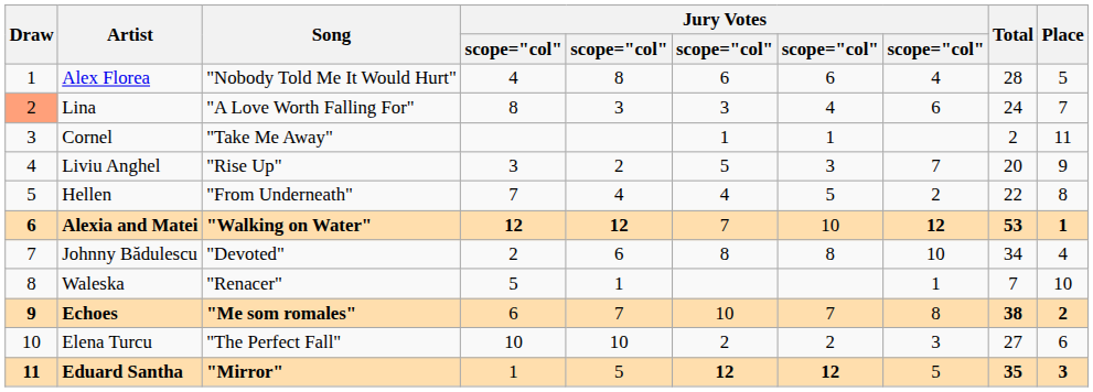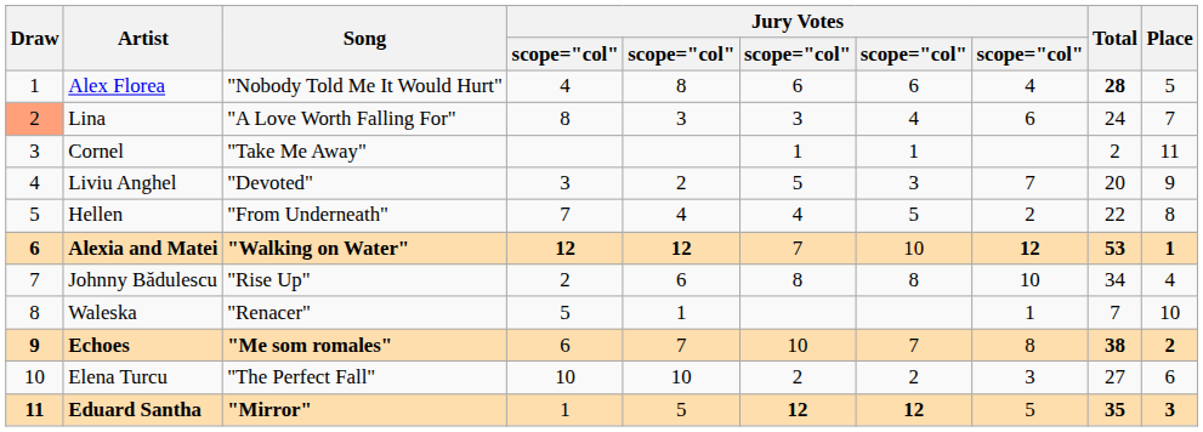 <table class="sortable wikitable" style="margin: 1em auto 1em auto; text-align:center;">
 <tr>
 <th rowspan="2">Draw</th>
 <th rowspan="2">Artist</th>
 <th rowspan="2">Song</th>
 <th colspan="5">Jury Votes</th>
 <th rowspan="2">Total</th>
 <th rowspan="2">Place</th>
 </tr>
 <tr>
 <th>scope="col" </th>
 <th>scope="col" </th>
 <th>scope="col" </th>
 <th>scope="col" </th>
 <th>scope="col" </th>
 </tr>
 <tr>
 <td>1</td>
 <td align="left"><a href='#'>Alex Florea</a></td>
 <td align="left">"Nobody Told Me It Would Hurt"</td>
 <td>4</td>
 <td>8</td>
 <td>6</td>
 <td>6</td>
 <td>4</td>
-<td>28</td>
+<td><strong>28</strong></td>
 <td>5</td>
 </tr>
 <tr>
 <td style="background: lightsalmon;">2</td>
 <td align="left">Lina</td>
 <td align="left">"A Love Worth Falling For"</td>
 <td>8</td>
 <td>3</td>
 <td>3</td>
 <td>4</td>
 <td>6</td>
 <td>24</td>
 <td>7</td>
 </tr>
 <tr>
 <td>3</td>
 <td align="left">Cornel</td>
 <td align="left">"Take Me Away"</td>
 <td></td>
 <td></td>
 <td>1</td>
 <td>1</td>
 <td></td>
 <td>2</td>
 <td>11</td>
 </tr>
 <tr>
 <td>4</td>
 <td align="left">Liviu Anghel</td>
-<td align="left">"Rise Up"</td>
+<td align="left">"Devoted"</td>
 <td>3</td>
 <td>2</td>
 <td>5</td>
 <td>3</td>
 <td>7</td>
 <td>20</td>
 <td>9</td>
 </tr>
 <tr>
 <td>5</td>
 <td align="left">Hellen</td>
 <td align="left">"From Underneath"</td>
 <td>7</td>
 <td>4</td>
 <td>4</td>
 <td>5</td>
 <td>2</td>
 <td>22</td>
 <td>8</td>
 </tr>
 <tr style="background:navajowhite;">
 <td><strong>6</strong></td>
 <td align="left"><strong>Alexia and Matei</strong></td>
 <td align="left"><strong>"Walking on Water"</strong></td>
 <td><strong>12</strong></td>
 <td><strong>12</strong></td>
 <td>7</td>
 <td>10</td>
 <td><strong>12</strong></td>
 <td><strong>53</strong></td>
 <td><strong>1</strong></td>
 </tr>
 <tr>
 <td>7</td>
 <td align="left">Johnny Bădulescu</td>
-<td align="left">"Devoted"</td>
+<td align="left">"Rise Up"</td>
 <td>2</td>
 <td>6</td>
 <td>8</td>
 <td>8</td>
 <td>10</td>
 <td>34</td>
 <td>4</td>
 </tr>
 <tr>
 <td>8</td>
 <td align="left">Waleska</td>
 <td align="left">"Renacer"</td>
 <td>5</td>
 <td>1</td>
 <td></td>
 <td></td>
 <td>1</td>
 <td>7</td>
 <td>10</td>
 </tr>
 <tr style="background:navajowhite;">
 <td><strong>9</strong></td>
 <td align="left"><strong>Echoes</strong></td>
 <td align="left"><strong>"Me som romales"</strong></td>
 <td>6</td>
 <td>7</td>
 <td>10</td>
 <td>7</td>
 <td>8</td>
 <td><strong>38</strong></td>
 <td><strong>2</strong></td>
 </tr>
 <tr>
 <td>10</td>
 <td align="left">Elena Turcu</td>
 <td align="left">"The Perfect Fall"</td>
 <td>10</td>
 <td>10</td>
 <td>2</td>
 <td>2</td>
 <td>3</td>
 <td>27</td>
 <td>6</td>
 </tr>
 <tr style="background:navajowhite;">
 <td><strong>11</strong></td>
 <td align="left"><strong>Eduard Santha</strong></td>
 <td align="left"><strong>"Mirror"</strong></td>
 <td>1</td>
 <td>5</td>
 <td><strong>12</strong></td>
 <td><strong>12</strong></td>
 <td>5</td>
 <td><strong>35</strong></td>
 <td><strong>3</strong></td>
 </tr>
 </table>
